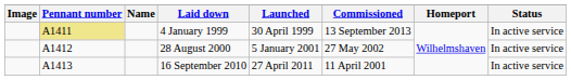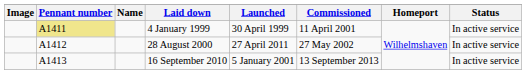 <table class="wikitable">
 <tr>
 </tr>
 <tr>
 <th>Image</th>
 <th><a href='#'>Pennant number</a></th>
 <th>Name</th>
 <th><a href='#'>Laid down</a></th>
 <th><a href='#'>Launched</a></th>
 <th><a href='#'>Commissioned</a></th>
 <th>Homeport</th>
 <th>Status</th>
 </tr>
 <tr>
 <td></td>
 <td style="background: khaki;">A1411</td>
 <td></td>
 <td>4 January 1999</td>
 <td>30 April 1999</td>
-<td>13 September 2013</td>
+<td>11 April 2001</td>
 <td rowspan=3><a href='#'>Wilhelmshaven</a></td>
 <td>In active service</td>
 </tr>
 <tr>
 <td></td>
 <td>A1412</td>
 <td></td>
 <td>28 August 2000</td>
-<td>5 January 2001</td>
+<td>27 April 2011</td>
 <td>27 May 2002</td>
 <td>In active service</td>
 </tr>
 <tr>
 <td></td>
 <td>A1413</td>
 <td></td>
 <td>16 September 2010</td>
-<td>27 April 2011</td>
-<td>11 April 2001</td>
+<td>5 January 2001</td>
+<td>13 September 2013</td>
 <td>In active service</td>
 </tr>
 </table>
